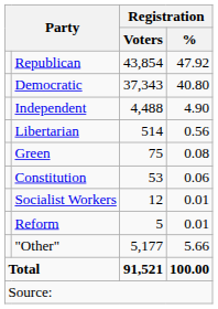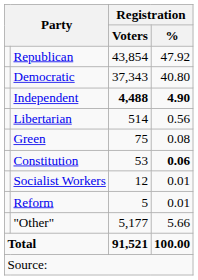 <table class="wikitable">
 <tr>
 <th colspan="2" rowspan="2">Party</th>
 <th colspan="2">Registration</th>
 </tr>
 <tr>
 <th>Voters</th>
 <th>%</th>
 </tr>
 <tr>
 <td style="background-color:"></td>
 <td><a href='#'>Republican</a></td>
 <td style="text-align:right;">43,854</td>
 <td style="text-align:right;">47.92</td>
 </tr>
 <tr>
 <td style="background-color:"></td>
 <td><a href='#'>Democratic</a></td>
 <td style="text-align:right;">37,343</td>
 <td style="text-align:right;">40.80</td>
 </tr>
 <tr>
 <td style="background-color:"></td>
 <td><a href='#'>Independent</a></td>
-<td style="text-align:right;">4,488</td>
-<td style="text-align:right;">4.90</td>
+<td style="text-align:right;"><strong>4,488</strong></td>
+<td style="text-align:right;"><strong>4.90</strong></td>
 </tr>
 <tr>
 <td style="background-color:"></td>
 <td><a href='#'>Libertarian</a></td>
 <td style="text-align:right;">514</td>
 <td style="text-align:right;">0.56</td>
 </tr>
 <tr>
 <td style="background-color:"></td>
 <td><a href='#'>Green</a></td>
 <td style="text-align:right;">75</td>
 <td style="text-align:right;">0.08</td>
 </tr>
 <tr>
 <td style="background-color:"></td>
 <td><a href='#'>Constitution</a></td>
 <td style="text-align:right;">53</td>
-<td style="text-align:right;">0.06</td>
+<td style="text-align:right;"><strong>0.06</strong></td>
 </tr>
 <tr>
 <td style="background-color:"></td>
 <td><a href='#'>Socialist Workers</a></td>
 <td style="text-align:right;">12</td>
 <td style="text-align:right;">0.01</td>
 </tr>
 <tr>
 <td style="background-color:"></td>
 <td><a href='#'>Reform</a></td>
 <td style="text-align:right;">5</td>
 <td style="text-align:right;">0.01</td>
 </tr>
 <tr>
 <td></td>
 <td>"Other"</td>
 <td style="text-align:right;">5,177</td>
 <td style="text-align:right;">5.66</td>
 </tr>
 <tr>
 <td colspan="2"><strong>Total</strong></td>
 <td style="text-align:right;"><strong>91,521</strong></td>
 <td style="text-align:right;"><strong>100.00</strong></td>
 </tr>
 <tr>
 <td colspan="4">Source: <em></em></td>
 </tr>
 </table>
